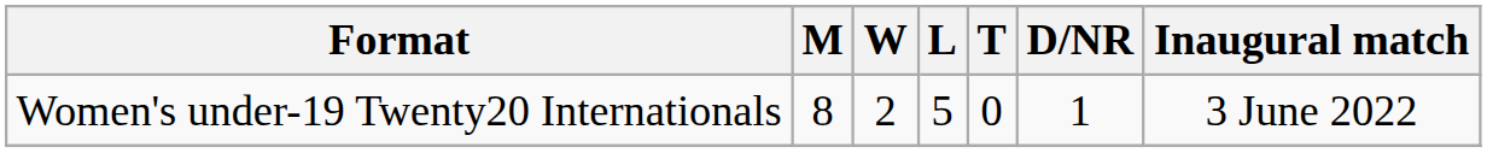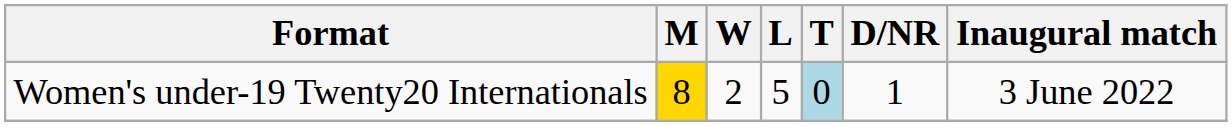 <table class="wikitable" style="text-align: center">
 <tr>
 <th>Format</th>
 <th>M</th>
 <th>W</th>
 <th>L</th>
 <th>T</th>
 <th>D/NR</th>
 <th>Inaugural match</th>
 </tr>
 <tr>
 <td align="left">Women's under-19 Twenty20 Internationals</td>
-<td>8</td>
+<td style="background: gold;">8</td>
 <td>2</td>
 <td>5</td>
-<td>0</td>
+<td style="background: lightblue;">0</td>
 <td>1</td>
 <td>3 June 2022</td>
 </tr>
 <tr>
 </tr>
 </table>
